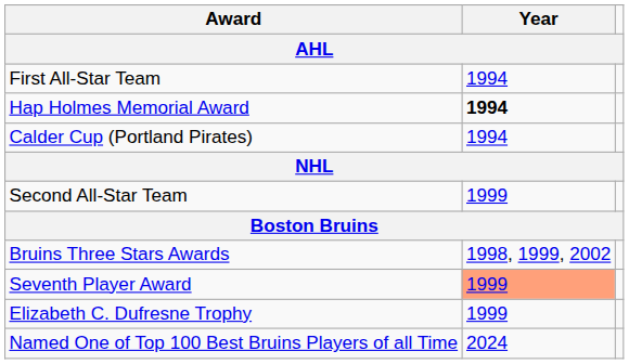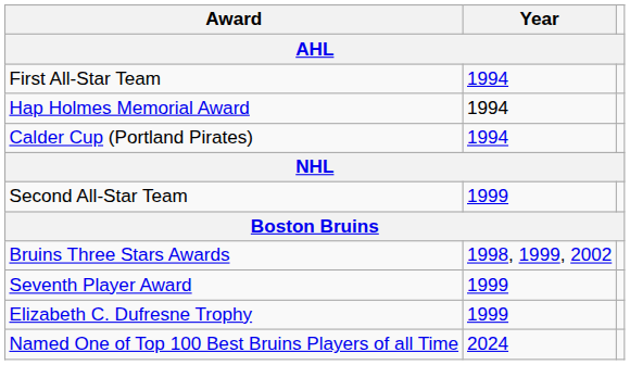 <table class="wikitable">
 <tr>
 <th>Award</th>
 <th>Year</th>
 <td></td>
 </tr>
 <tr ALIGN="center" bgcolor="#e0e0e0">
 <th colspan="3"><a href='#'>AHL</a></th>
 </tr>
 <tr>
 <td>First All-Star Team</td>
 <td><a href='#'>1994</a></td>
 <td></td>
 </tr>
 <tr>
 <td><a href='#'>Hap Holmes Memorial Award</a></td>
-<td><strong>1994</strong></td>
+<td>1994</td>
 <td></td>
 </tr>
 <tr>
 <td><a href='#'>Calder Cup</a> (Portland Pirates)</td>
 <td><a href='#'>1994</a></td>
 <td></td>
 </tr>
 <tr ALIGN="center" bgcolor="#e0e0e0">
 <th colspan="3"><a href='#'>NHL</a></th>
 </tr>
 <tr>
 <td>Second All-Star Team</td>
 <td><a href='#'>1999</a></td>
 <td></td>
 </tr>
 <tr>
 <th colspan="3"><a href='#'>Boston Bruins</a></th>
 </tr>
 <tr>
 <td><a href='#'>Bruins Three Stars Awards</a></td>
 <td><a href='#'>1998</a>, <a href='#'>1999</a>, <a href='#'>2002</a></td>
 <td></td>
 </tr>
 <tr>
 <td><a href='#'>Seventh Player Award</a></td>
-<td style="background: lightsalmon;"><a href='#'>1999</a></td>
+<td><a href='#'>1999</a></td>
 <td></td>
 </tr>
 <tr>
 <td><a href='#'>Elizabeth C. Dufresne Trophy</a></td>
 <td><a href='#'>1999</a></td>
 <td></td>
 </tr>
 <tr>
 <td><a href='#'>Named One of Top 100 Best Bruins Players of all Time</a></td>
 <td><a href='#'>2024</a></td>
 <td></td>
 </tr>
 </table>
